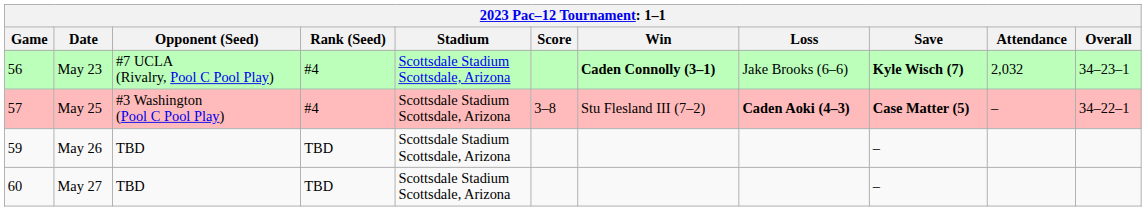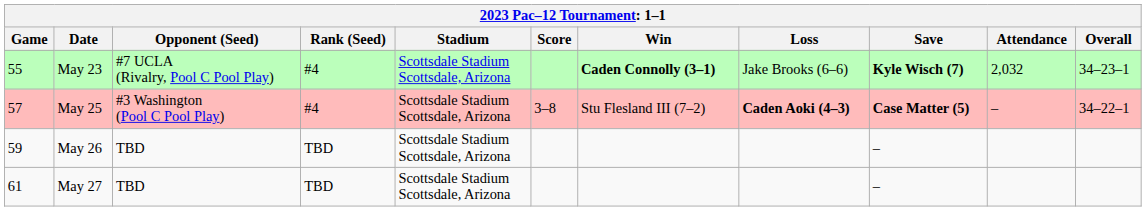 <table class="wikitable collapsible collapsed" style="margin:auto; font-size:100%; width:100%">
 <tr>
 <th colspan=12><a href='#'>2023 Pac–12 Tournament</a>: 1–1</th>
 </tr>
 <tr>
 <th>Game</th>
 <th>Date</th>
 <th>Opponent (Seed)</th>
 <th>Rank (Seed)</th>
 <th>Stadium</th>
 <th>Score</th>
 <th>Win</th>
 <th>Loss</th>
 <th>Save</th>
 <th>Attendance</th>
 <th>Overall</th>
 </tr>
 <tr style="background:#bfb;">
-<td>56</td>
+<td>55</td>
 <td>May 23</td>
 <td>#7 UCLA<br>(Rivalry, <a href='#'>Pool C Pool Play</a>)</td>
 <td>#4</td>
 <td><a href='#'>Scottsdale Stadium</a><br><a href='#'>Scottsdale, Arizona</a></td>
 <td></td>
 <td><strong>Caden Connolly (3–1)</strong></td>
 <td>Jake Brooks (6–6)</td>
 <td><strong>Kyle Wisch (7)</strong></td>
 <td>2,032</td>
 <td>34–23–1</td>
 </tr>
 <tr style="background:#fbb;">
 <td>57</td>
 <td>May 25</td>
 <td>#3 Washington<br>(<a href='#'>Pool C Pool Play</a>)</td>
 <td>#4</td>
 <td>Scottsdale Stadium<br>Scottsdale, Arizona</td>
 <td>3–8</td>
 <td>Stu Flesland III (7–2)</td>
 <td><strong>Caden Aoki (4–3)</strong></td>
 <td><strong>Case Matter (5)</strong></td>
 <td>–</td>
 <td>34–22–1</td>
 </tr>
 <tr style="background:#;">
 <td>59</td>
 <td>May 26</td>
 <td>TBD</td>
 <td>TBD</td>
 <td>Scottsdale Stadium<br>Scottsdale, Arizona</td>
 <td></td>
 <td></td>
 <td></td>
 <td>–</td>
 <td></td>
 <td></td>
 </tr>
 <tr style="background:#;">
-<td>60</td>
+<td>61</td>
 <td>May 27</td>
 <td>TBD</td>
 <td>TBD</td>
 <td>Scottsdale Stadium<br>Scottsdale, Arizona</td>
 <td></td>
 <td></td>
 <td></td>
 <td>–</td>
 <td></td>
 <td></td>
 </tr>
 </table>
